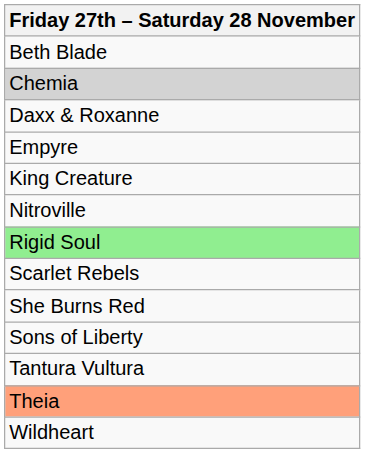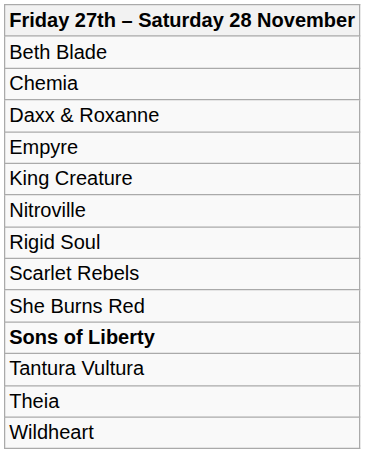 <table class="wikitable">
 <tr>
 <th>Friday 27th – Saturday 28 November</th>
 </tr>
 <tr>
 <td>Beth Blade</td>
 </tr>
 <tr>
-<td style="background: lightgrey;">Chemia</td>
+<td>Chemia</td>
 </tr>
 <tr>
 <td>Daxx & Roxanne</td>
 </tr>
 <tr>
 <td>Empyre</td>
 </tr>
 <tr>
 <td>King Creature</td>
 </tr>
 <tr>
 <td>Nitroville</td>
 </tr>
 <tr>
-<td style="background: lightgreen;">Rigid Soul</td>
+<td>Rigid Soul</td>
 </tr>
 <tr>
 <td>Scarlet Rebels</td>
 </tr>
 <tr>
 <td>She Burns Red</td>
 </tr>
 <tr>
-<td>Sons of Liberty</td>
+<td><strong>Sons of Liberty</strong></td>
 </tr>
 <tr>
 <td>Tantura Vultura</td>
 </tr>
 <tr>
-<td style="background: lightsalmon;">Theia</td>
+<td>Theia</td>
 </tr>
 <tr>
 <td>Wildheart</td>
 </tr>
 </table>
